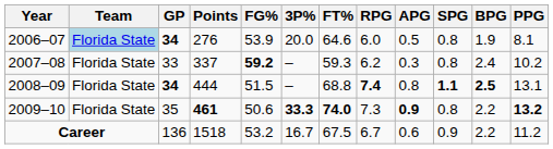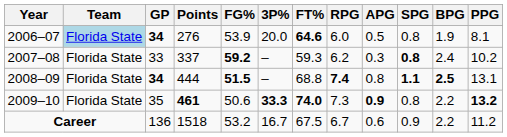 <table class="wikitable sortable">
 <tr>
 <th>Year</th>
 <th>Team</th>
 <th>GP</th>
 <th>Points</th>
 <th>FG%</th>
 <th>3P%</th>
 <th>FT%</th>
 <th>RPG</th>
 <th>APG</th>
 <th>SPG</th>
 <th>BPG</th>
 <th>PPG</th>
 </tr>
 <tr>
 <td>2006–07</td>
 <td style="background: lightblue;"><a href='#'>Florida State</a></td>
 <td><strong>34</strong></td>
 <td>276</td>
 <td>53.9</td>
 <td>20.0</td>
-<td>64.6</td>
+<td><strong>64.6</strong></td>
 <td>6.0</td>
 <td>0.5</td>
 <td>0.8</td>
 <td>1.9</td>
 <td>8.1</td>
 </tr>
 <tr>
 <td>2007–08</td>
 <td>Florida State</td>
 <td>33</td>
 <td>337</td>
 <td><strong>59.2</strong></td>
 <td>–</td>
 <td>59.3</td>
 <td>6.2</td>
 <td>0.3</td>
-<td>0.8</td>
+<td><strong>0.8</strong></td>
 <td>2.4</td>
 <td>10.2</td>
 </tr>
 <tr>
 <td>2008–09</td>
 <td>Florida State</td>
 <td><strong>34</strong></td>
 <td>444</td>
-<td>51.5</td>
+<td><strong>51.5</strong></td>
 <td>–</td>
 <td>68.8</td>
 <td><strong>7.4</strong></td>
 <td>0.8</td>
 <td><strong>1.1</strong></td>
 <td><strong>2.5</strong></td>
 <td>13.1</td>
 </tr>
 <tr>
 <td>2009–10</td>
 <td>Florida State</td>
 <td>35</td>
 <td><strong>461</strong></td>
 <td>50.6</td>
 <td><strong>33.3</strong></td>
 <td><strong>74.0</strong></td>
 <td>7.3</td>
 <td><strong>0.9</strong></td>
 <td>0.8</td>
 <td>2.2</td>
 <td><strong>13.2</strong></td>
 </tr>
 <tr>
 <td colspan=2 align=center><strong>Career</strong></td>
 <td>136</td>
 <td>1518</td>
 <td>53.2</td>
 <td>16.7</td>
 <td>67.5</td>
 <td>6.7</td>
 <td>0.6</td>
 <td>0.9</td>
 <td>2.2</td>
 <td>11.2</td>
 </tr>
 </table>
